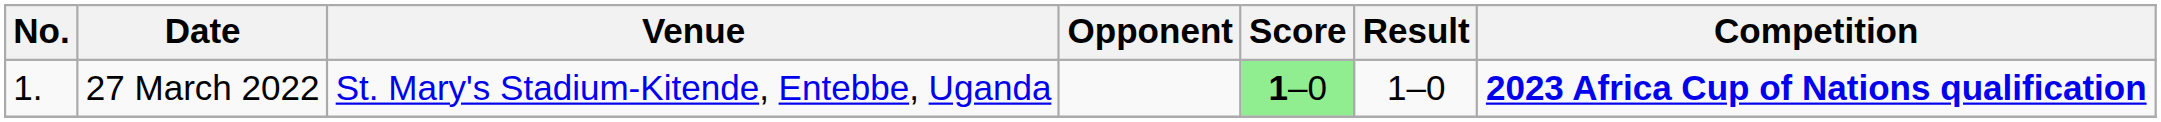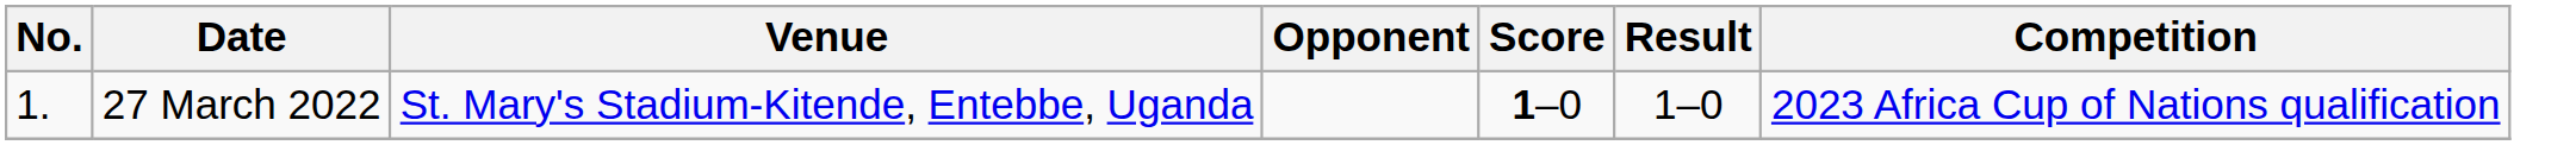 <table class="wikitable">
 <tr>
 <th>No.</th>
 <th>Date</th>
 <th>Venue</th>
 <th>Opponent</th>
 <th>Score</th>
 <th>Result</th>
 <th>Competition</th>
 </tr>
 <tr>
 <td>1.</td>
 <td>27 March 2022</td>
 <td><a href='#'>St. Mary's Stadium-Kitende</a>, <a href='#'>Entebbe</a>, <a href='#'>Uganda</a></td>
 <td></td>
-<td align=center style="background: lightgreen;"><strong>1</strong>–0</td>
+<td align=center><strong>1</strong>–0</td>
 <td align=center>1–0</td>
-<td><strong><a href='#'>2023 Africa Cup of Nations qualification</a></strong></td>
+<td><a href='#'>2023 Africa Cup of Nations qualification</a></td>
 </tr>
 <tr>
 </tr>
 </table>
